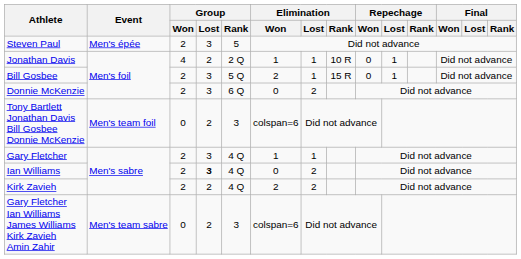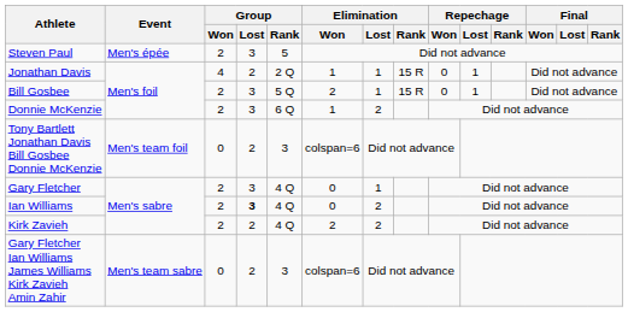 <table class=wikitable style="font-size:90%">
 <tr>
 <th rowspan="2">Athlete</th>
 <th rowspan="2">Event</th>
 <th colspan="3">Group</th>
 <th colspan="3">Elimination</th>
 <th colspan="3">Repechage</th>
 <th colspan="3">Final</th>
 </tr>
 <tr>
 <th>Won</th>
 <th>Lost</th>
 <th>Rank</th>
 <th>Won</th>
 <th>Lost</th>
 <th>Rank</th>
 <th>Won</th>
 <th>Lost</th>
 <th>Rank</th>
 <th>Won</th>
 <th>Lost</th>
 <th>Rank</th>
 </tr>
 <tr style="text-align:center;">
 <td style="text-align:left;"><a href='#'>Steven Paul</a></td>
 <td style="text-align:left;"><a href='#'>Men's épée</a></td>
 <td>2</td>
 <td>3</td>
 <td>5</td>
 <td colspan=9 style="text-align:center;">Did not advance</td>
 </tr>
 <tr style="text-align:center;">
 <td style="text-align:left;"><a href='#'>Jonathan Davis</a></td>
 <td style="text-align:left;" rowspan=3><a href='#'>Men's foil</a></td>
 <td>4</td>
 <td>2</td>
 <td>2 Q</td>
 <td>1</td>
 <td>1</td>
-<td>10 R</td>
+<td>15 R</td>
 <td>0</td>
 <td>1</td>
 <td></td>
 <td colspan=3 style="text-align:center;">Did not advance</td>
 </tr>
 <tr style="text-align:center;">
 <td style="text-align:left;"><a href='#'>Bill Gosbee</a></td>
 <td>2</td>
 <td>3</td>
 <td>5 Q</td>
 <td>2</td>
 <td>1</td>
 <td>15 R</td>
 <td>0</td>
 <td>1</td>
 <td></td>
 <td colspan=3 style="text-align:center;">Did not advance</td>
 </tr>
 <tr style="text-align:center;">
 <td style="text-align:left;"><a href='#'>Donnie McKenzie</a></td>
 <td>2</td>
 <td>3</td>
 <td>6 Q</td>
-<td>0</td>
+<td>1</td>
 <td>2</td>
 <td></td>
 <td colspan=6 style="text-align:center;">Did not advance</td>
 </tr>
 <tr style="text-align:center;">
 <td style="text-align:left;"><a href='#'>Tony Bartlett</a><br><a href='#'>Jonathan Davis</a><br><a href='#'>Bill Gosbee</a><br><a href='#'>Donnie McKenzie</a></td>
 <td style="text-align:left;"><a href='#'>Men's team foil</a></td>
 <td>0</td>
 <td>2</td>
 <td>3</td>
 <td>colspan=6</td>
 <td colspan=3 style="text-align:center;">Did not advance</td>
 </tr>
 <tr style="text-align:center;">
 <td style="text-align:left;"><a href='#'>Gary Fletcher</a></td>
 <td style="text-align:left;" rowspan=3><a href='#'>Men's sabre</a></td>
 <td>2</td>
 <td>3</td>
 <td>4 Q</td>
-<td>1</td>
+<td>0</td>
 <td>1</td>
 <td></td>
 <td colspan=6 style="text-align:center;">Did not advance</td>
 </tr>
 <tr style="text-align:center;">
 <td style="text-align:left;"><a href='#'>Ian Williams</a></td>
 <td>2</td>
 <td><strong>3</strong></td>
 <td>4 Q</td>
 <td>0</td>
 <td>2</td>
 <td></td>
 <td colspan=6 style="text-align:center;">Did not advance</td>
 </tr>
 <tr style="text-align:center;">
 <td style="text-align:left;"><a href='#'>Kirk Zavieh</a></td>
 <td>2</td>
 <td>2</td>
 <td>4 Q</td>
 <td>2</td>
 <td>2</td>
 <td></td>
 <td colspan=6 style="text-align:center;">Did not advance</td>
 </tr>
 <tr style="text-align:center;">
 <td style="text-align:left;"><a href='#'>Gary Fletcher</a><br><a href='#'>Ian Williams</a><br><a href='#'>James Williams</a><br><a href='#'>Kirk Zavieh</a><br><a href='#'>Amin Zahir</a></td>
 <td style="text-align:left;"><a href='#'>Men's team sabre</a></td>
 <td>0</td>
 <td>2</td>
 <td>3</td>
 <td>colspan=6</td>
 <td colspan=3 style="text-align:center;">Did not advance</td>
 </tr>
 </table>
